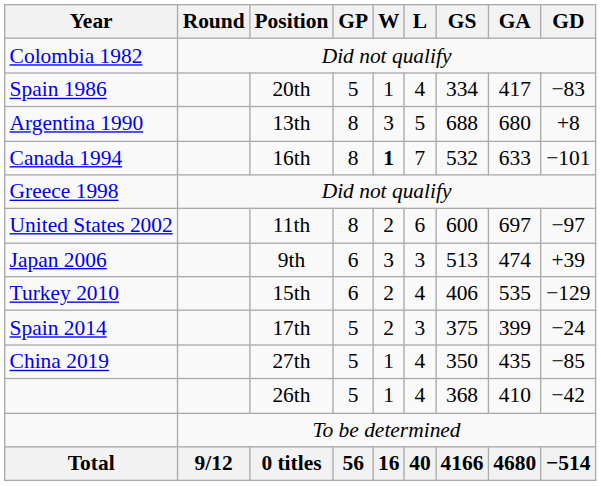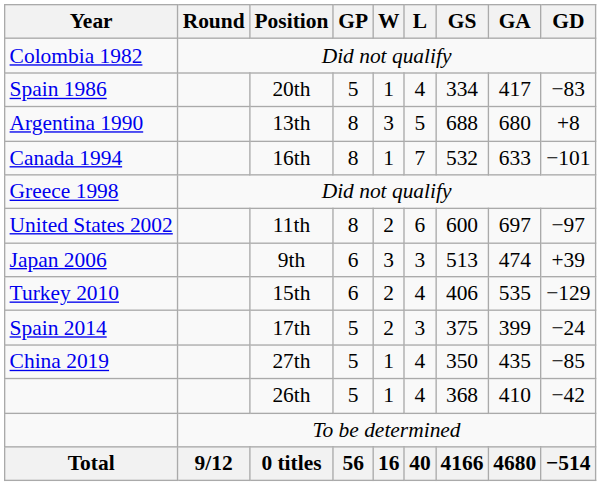 <table class="wikitable" style="text-align: center;">
 <tr>
 <th>Year</th>
 <th>Round</th>
 <th>Position</th>
 <th>GP</th>
 <th>W</th>
 <th>L</th>
 <th>GS</th>
 <th>GA</th>
 <th>GD</th>
 </tr>
 <tr>
 <td align=left> <a href='#'>Colombia 1982</a></td>
 <td colspan=8><em>Did not qualify</em></td>
 </tr>
 <tr>
 <td align=left> <a href='#'>Spain 1986</a></td>
 <td></td>
 <td>20th</td>
 <td>5</td>
 <td>1</td>
 <td>4</td>
 <td>334</td>
 <td>417</td>
 <td>−83</td>
 </tr>
 <tr>
 <td align=left> <a href='#'>Argentina 1990</a></td>
 <td></td>
 <td>13th</td>
 <td>8</td>
 <td>3</td>
 <td>5</td>
 <td>688</td>
 <td>680</td>
 <td>+8</td>
 </tr>
 <tr>
 <td align=left> <a href='#'>Canada 1994</a></td>
 <td></td>
 <td>16th</td>
 <td>8</td>
-<td><strong>1</strong></td>
+<td>1</td>
 <td>7</td>
 <td>532</td>
 <td>633</td>
 <td>−101</td>
 </tr>
 <tr>
 <td align=left> <a href='#'>Greece 1998</a></td>
 <td colspan=8><em>Did not qualify</em></td>
 </tr>
 <tr>
 <td align=left> <a href='#'>United States 2002</a></td>
 <td></td>
 <td>11th</td>
 <td>8</td>
 <td>2</td>
 <td>6</td>
 <td>600</td>
 <td>697</td>
 <td>−97</td>
 </tr>
 <tr>
 <td align=left> <a href='#'>Japan 2006</a></td>
 <td></td>
 <td>9th</td>
 <td>6</td>
 <td>3</td>
 <td>3</td>
 <td>513</td>
 <td>474</td>
 <td>+39</td>
 </tr>
 <tr>
 <td align=left> <a href='#'>Turkey 2010</a></td>
 <td></td>
 <td>15th</td>
 <td>6</td>
 <td>2</td>
 <td>4</td>
 <td>406</td>
 <td>535</td>
 <td>−129</td>
 </tr>
 <tr>
 <td align=left> <a href='#'>Spain 2014</a></td>
 <td></td>
 <td>17th</td>
 <td>5</td>
 <td>2</td>
 <td>3</td>
 <td>375</td>
 <td>399</td>
 <td>−24</td>
 </tr>
 <tr>
 <td align=left> <a href='#'>China 2019</a></td>
 <td></td>
 <td>27th</td>
 <td>5</td>
 <td>1</td>
 <td>4</td>
 <td>350</td>
 <td>435</td>
 <td>−85</td>
 </tr>
 <tr>
 <td align=left></td>
 <td></td>
 <td>26th</td>
 <td>5</td>
 <td>1</td>
 <td>4</td>
 <td>368</td>
 <td>410</td>
 <td>−42</td>
 </tr>
 <tr>
 <td align=left></td>
 <td colspan=8><em>To be determined</em></td>
 </tr>
 <tr>
 <th>Total</th>
 <th>9/12</th>
 <th>0 titles</th>
 <th>56</th>
 <th>16</th>
 <th>40</th>
 <th>4166</th>
 <th>4680</th>
 <th>−514</th>
 </tr>
 </table>
